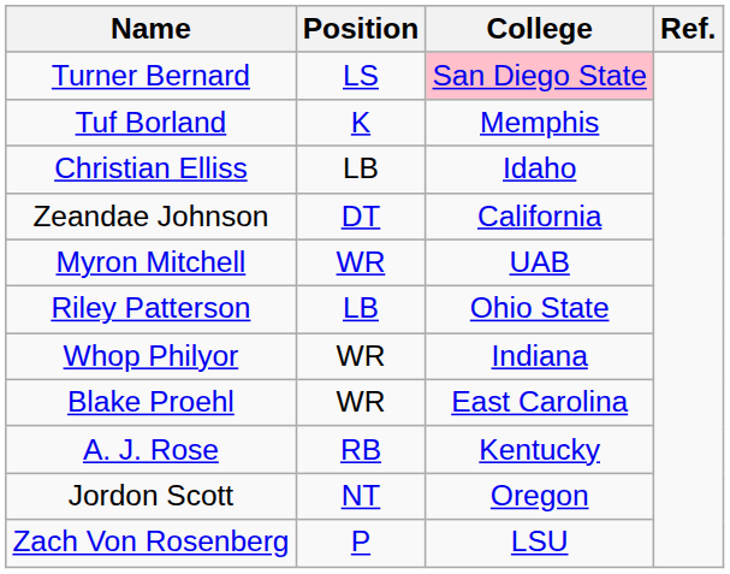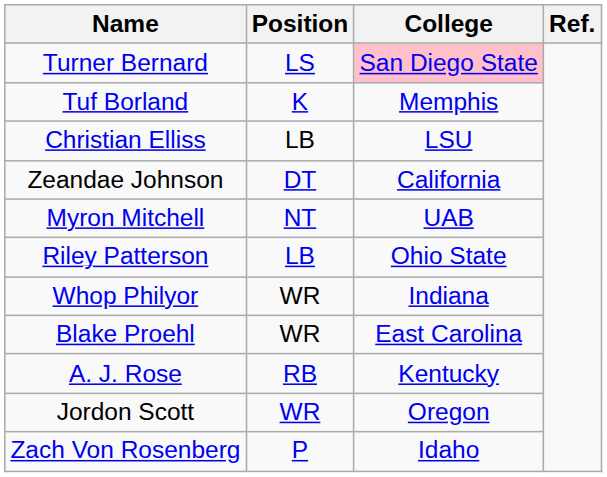 <table class="wikitable" style="text-align:center">
 <tr>
 <th>Name</th>
 <th>Position</th>
 <th>College</th>
 <th>Ref.</th>
 </tr>
 <tr>
 <td><a href='#'>Turner Bernard</a></td>
 <td><a href='#'>LS</a></td>
 <td style="background: pink;"><a href='#'>San Diego State</a></td>
 <td rowspan="11"></td>
 </tr>
 <tr>
 <td><a href='#'>Tuf Borland</a></td>
 <td><a href='#'>K</a></td>
 <td><a href='#'>Memphis</a></td>
 </tr>
 <tr>
 <td><a href='#'>Christian Elliss</a></td>
 <td>LB</td>
-<td><a href='#'>Idaho</a></td>
+<td><a href='#'>LSU</a></td>
 </tr>
 <tr>
 <td>Zeandae Johnson</td>
 <td><a href='#'>DT</a></td>
 <td><a href='#'>California</a></td>
 </tr>
 <tr>
 <td><a href='#'>Myron Mitchell</a></td>
-<td><a href='#'>WR</a></td>
+<td><a href='#'>NT</a></td>
 <td><a href='#'>UAB</a></td>
 </tr>
 <tr>
 <td><a href='#'>Riley Patterson</a></td>
 <td><a href='#'>LB</a></td>
 <td><a href='#'>Ohio State</a></td>
 </tr>
 <tr>
 <td><a href='#'>Whop Philyor</a></td>
 <td>WR</td>
 <td><a href='#'>Indiana</a></td>
 </tr>
 <tr>
 <td><a href='#'>Blake Proehl</a></td>
 <td>WR</td>
 <td><a href='#'>East Carolina</a></td>
 </tr>
 <tr>
 <td><a href='#'>A. J. Rose</a></td>
 <td><a href='#'>RB</a></td>
 <td><a href='#'>Kentucky</a></td>
 </tr>
 <tr>
 <td>Jordon Scott</td>
-<td><a href='#'>NT</a></td>
+<td><a href='#'>WR</a></td>
 <td><a href='#'>Oregon</a></td>
 </tr>
 <tr>
 <td><a href='#'>Zach Von Rosenberg</a></td>
 <td><a href='#'>P</a></td>
-<td><a href='#'>LSU</a></td>
+<td><a href='#'>Idaho</a></td>
 </tr>
 </table>
